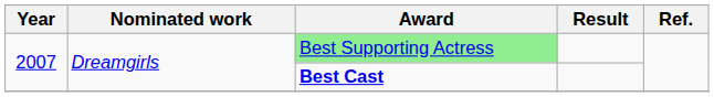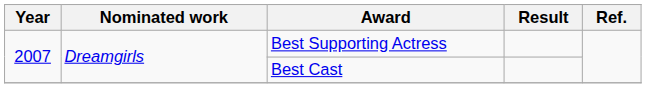 <table class="wikitable" style="width:70%;">
 <tr>
 <th style="width:3%;">Year</th>
 <th style="width:20%;">Nominated work</th>
 <th style="width:23%;">Award</th>
 <th style="width:5%;">Result</th>
 <th style="width:5%;">Ref.</th>
 </tr>
 <tr>
 <td align="center" rowspan="2"><a href='#'>2007</a></td>
 <td rowspan="2"><em><a href='#'>Dreamgirls</a></em></td>
-<td style="background: lightgreen;"><a href='#'>Best Supporting Actress</a></td>
+<td><a href='#'>Best Supporting Actress</a></td>
 <td></td>
 <td align="center" rowspan="2"></td>
 </tr>
 <tr>
-<td><strong><a href='#'>Best Cast</a></strong></td>
+<td><a href='#'>Best Cast</a></td>
 <td></td>
 </tr>
 <tr>
 </tr>
 </table>
